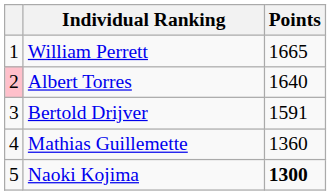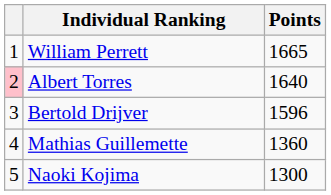 <table class="wikitable col3right">
 <tr>
 <th></th>
 <th style="width:190px; white-space:nowrap;">Individual Ranking</th>
 <th style="width:20px;">Points</th>
 </tr>
 <tr>
 <td>1</td>
 <td> <a href='#'>William Perrett</a></td>
 <td>1665</td>
 </tr>
 <tr>
 <td style="background: pink;">2</td>
 <td> <a href='#'>Albert Torres</a></td>
 <td>1640</td>
 </tr>
 <tr>
 <td>3</td>
 <td> <a href='#'>Bertold Drijver</a></td>
-<td>1591</td>
+<td>1596</td>
 </tr>
 <tr>
 <td>4</td>
 <td> <a href='#'>Mathias Guillemette</a></td>
 <td>1360</td>
 </tr>
 <tr>
 <td>5</td>
 <td> <a href='#'>Naoki Kojima</a></td>
-<td><strong>1300</strong></td>
+<td>1300</td>
 </tr>
 </table>
